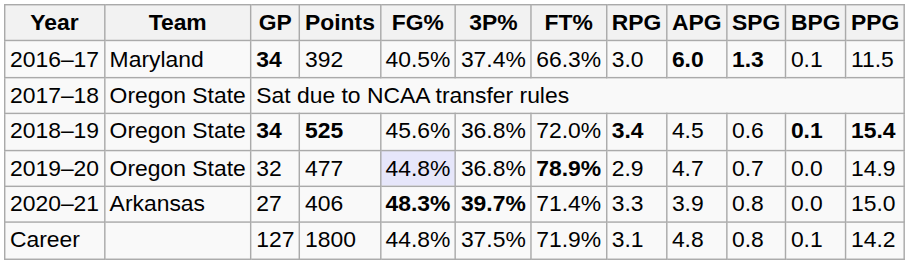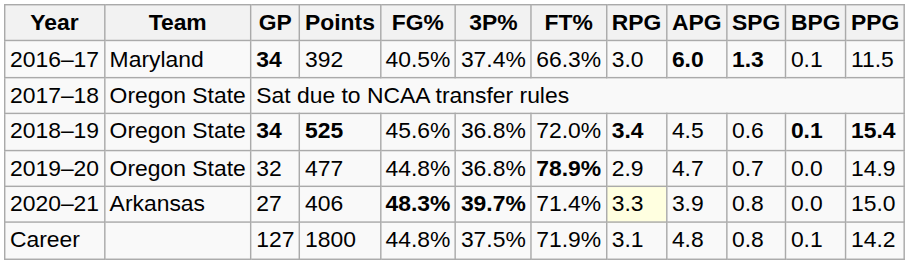 <table class="wikitable">
 <tr>
 <th>Year</th>
 <th>Team</th>
 <th>GP</th>
 <th>Points</th>
 <th>FG%</th>
 <th>3P%</th>
 <th>FT%</th>
 <th>RPG</th>
 <th>APG</th>
 <th>SPG</th>
 <th>BPG</th>
 <th>PPG</th>
 </tr>
 <tr>
 <td>2016–17</td>
 <td>Maryland</td>
 <td><strong>34</strong></td>
 <td>392</td>
 <td>40.5%</td>
 <td>37.4%</td>
 <td>66.3%</td>
 <td>3.0</td>
 <td><strong>6.0</strong></td>
 <td><strong>1.3</strong></td>
 <td>0.1</td>
 <td>11.5</td>
 </tr>
 <tr>
 <td>2017–18</td>
 <td>Oregon State</td>
 <td colspan="10">Sat due to NCAA transfer rules</td>
 </tr>
 <tr>
 <td>2018–19</td>
 <td>Oregon State</td>
 <td><strong>34</strong></td>
 <td><strong>525</strong></td>
 <td>45.6%</td>
 <td>36.8%</td>
 <td>72.0%</td>
 <td><strong>3.4</strong></td>
 <td>4.5</td>
 <td>0.6</td>
 <td><strong>0.1</strong></td>
 <td><strong>15.4</strong></td>
 </tr>
 <tr>
 <td>2019–20</td>
 <td>Oregon State</td>
 <td>32</td>
 <td>477</td>
-<td style="background: lavender;">44.8%</td>
+<td>44.8%</td>
 <td>36.8%</td>
 <td><strong>78.9%</strong></td>
 <td>2.9</td>
 <td>4.7</td>
 <td>0.7</td>
 <td>0.0</td>
 <td>14.9</td>
 </tr>
 <tr>
 <td>2020–21</td>
 <td>Arkansas</td>
 <td>27</td>
 <td>406</td>
 <td><strong>48.3%</strong></td>
 <td><strong>39.7%</strong></td>
 <td>71.4%</td>
-<td>3.3</td>
+<td style="background: lightyellow;">3.3</td>
 <td>3.9</td>
 <td>0.8</td>
 <td>0.0</td>
 <td>15.0</td>
 </tr>
 <tr>
 <td>Career</td>
 <td></td>
 <td>127</td>
 <td>1800</td>
 <td>44.8%</td>
 <td>37.5%</td>
 <td>71.9%</td>
 <td>3.1</td>
 <td>4.8</td>
 <td>0.8</td>
 <td>0.1</td>
 <td>14.2</td>
 </tr>
 </table>
